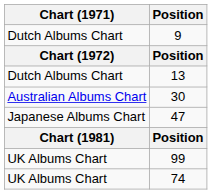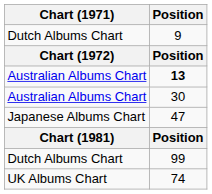 <table class="wikitable" style="text-align:center;">
 <tr>
 <th>Chart (1971)</th>
 <th>Position</th>
 </tr>
 <tr>
 <td align="left">Dutch Albums Chart</td>
 <td>9</td>
 </tr>
 <tr>
 <th>Chart (1972)</th>
 <th>Position</th>
 </tr>
 <tr>
-<td align="left">Dutch Albums Chart</td>
-<td>13</td>
+<td align="left"><a href='#'>Australian Albums Chart</a></td>
+<td><strong>13</strong></td>
 </tr>
 <tr>
 <td align="left"><a href='#'>Australian Albums Chart</a></td>
 <td>30</td>
 </tr>
 <tr>
 <td align="left">Japanese Albums Chart</td>
 <td>47</td>
 </tr>
 <tr>
 <th>Chart (1981)</th>
 <th>Position</th>
 </tr>
 <tr>
-<td align="left">UK Albums Chart</td>
+<td align="left">Dutch Albums Chart</td>
 <td>99</td>
 </tr>
 <tr>
 <td align="left">UK Albums Chart</td>
 <td>74</td>
 </tr>
 </table>
